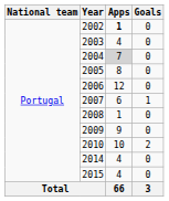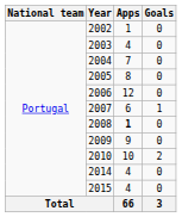 <table class="wikitable" style="text-align:center">
 <tr>
 <th>National team</th>
 <th>Year</th>
 <th>Apps</th>
 <th>Goals</th>
 </tr>
 <tr>
 <td rowspan="11"><a href='#'>Portugal</a></td>
 <td>2002</td>
-<td><strong>1</strong></td>
+<td>1</td>
 <td>0</td>
 </tr>
 <tr>
 <td>2003</td>
 <td>4</td>
 <td>0</td>
 </tr>
 <tr>
 <td>2004</td>
-<td style="background: lightgrey;">7</td>
+<td>7</td>
 <td>0</td>
 </tr>
 <tr>
 <td>2005</td>
 <td>8</td>
 <td>0</td>
 </tr>
 <tr>
 <td>2006</td>
 <td>12</td>
 <td>0</td>
 </tr>
 <tr>
 <td>2007</td>
 <td>6</td>
 <td>1</td>
 </tr>
 <tr>
 <td>2008</td>
-<td>1</td>
+<td><strong>1</strong></td>
 <td>0</td>
 </tr>
 <tr>
 <td>2009</td>
 <td>9</td>
 <td>0</td>
 </tr>
 <tr>
 <td>2010</td>
 <td>10</td>
 <td>2</td>
 </tr>
 <tr>
 <td>2014</td>
 <td>4</td>
 <td>0</td>
 </tr>
 <tr>
 <td>2015</td>
 <td>4</td>
 <td>0</td>
 </tr>
 <tr>
 <th colspan="2">Total</th>
 <th>66</th>
 <th>3</th>
 </tr>
 </table>
